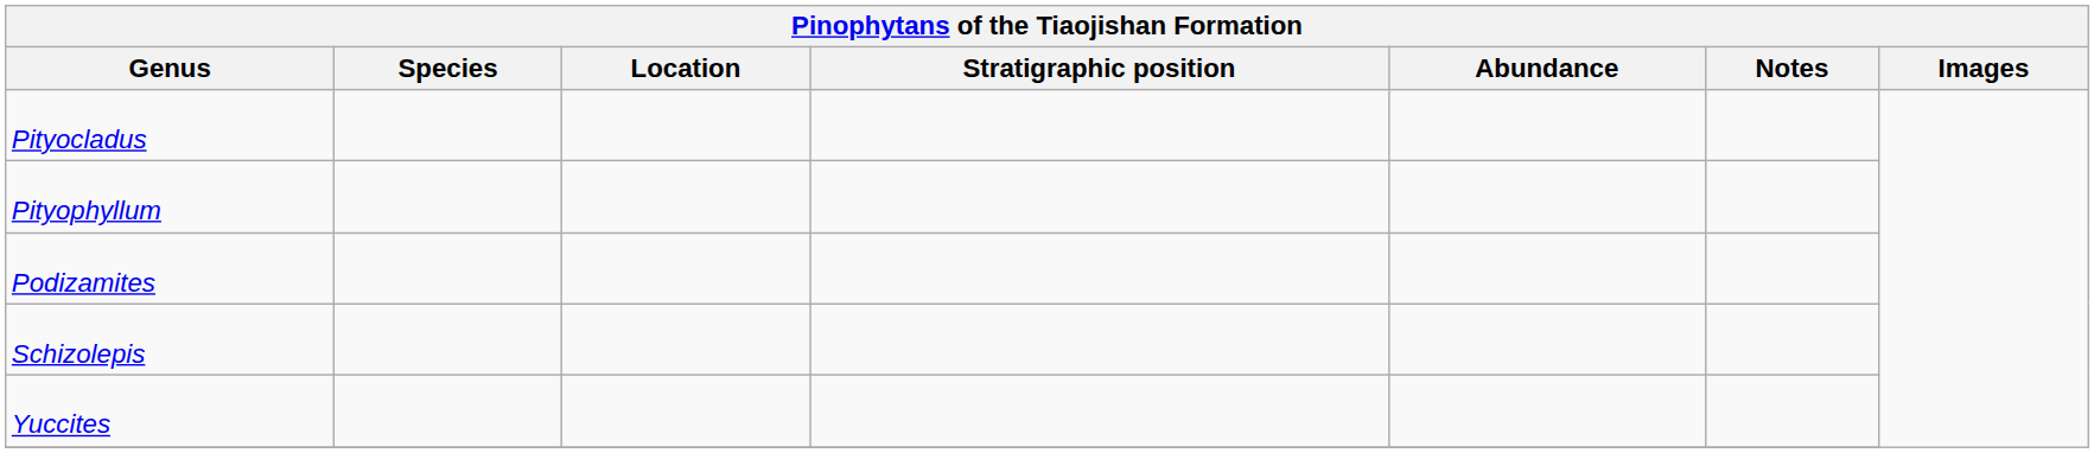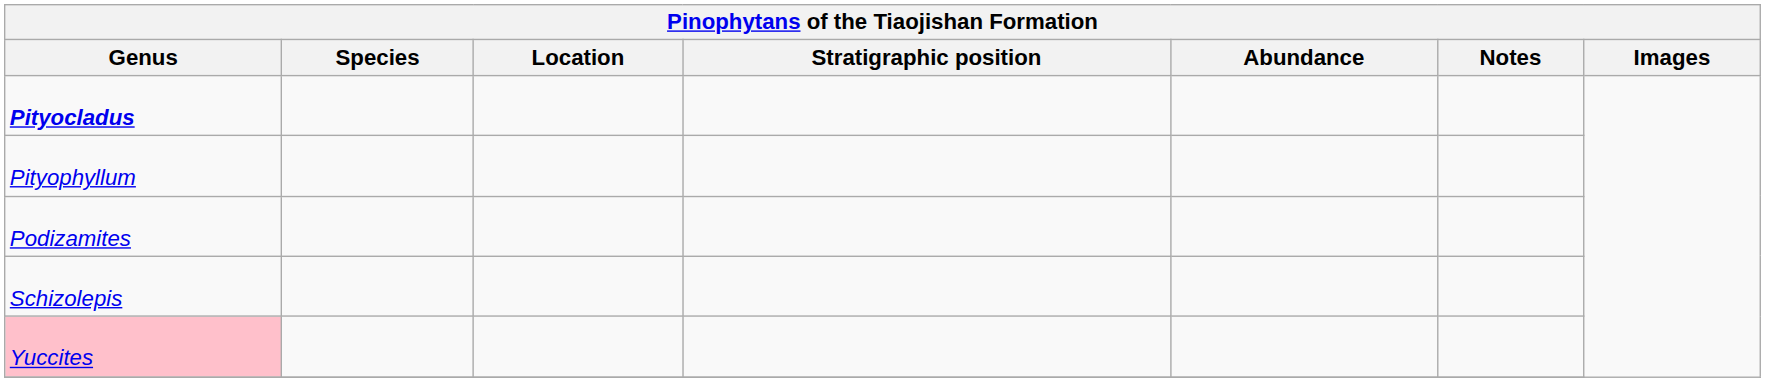 <table class="wikitable" align="center" width="100%">
 <tr>
 <th colspan="7" align="center"><strong><a href='#'>Pinophytans</a> of the Tiaojishan Formation</strong></th>
 </tr>
 <tr>
 <th>Genus</th>
 <th>Species</th>
 <th>Location</th>
 <th>Stratigraphic position</th>
 <th>Abundance</th>
 <th>Notes</th>
 <th>Images</th>
 </tr>
 <tr>
-<td><br><em><a href='#'>Pityocladus</a></em></td>
+<td><strong><br><em><a href='#'>Pityocladus</a></em></strong></td>
 <td></td>
 <td></td>
 <td></td>
 <td></td>
 <td></td>
 <td rowspan="99"></td>
 </tr>
 <tr>
 <td><br><em><a href='#'>Pityophyllum</a></em></td>
 <td></td>
 <td></td>
 <td></td>
 <td></td>
 <td></td>
 </tr>
 <tr>
 <td><br><em><a href='#'>Podizamites</a></em></td>
 <td></td>
 <td></td>
 <td></td>
 <td></td>
 <td></td>
 </tr>
 <tr>
 <td><br><em><a href='#'>Schizolepis</a></em></td>
 <td></td>
 <td></td>
 <td></td>
 <td></td>
 <td></td>
 </tr>
 <tr>
-<td><br><em><a href='#'>Yuccites</a></em></td>
+<td style="background: pink;"><br><em><a href='#'>Yuccites</a></em></td>
 <td></td>
 <td></td>
 <td></td>
 <td></td>
 <td></td>
 </tr>
 <tr>
 </tr>
 </table>
